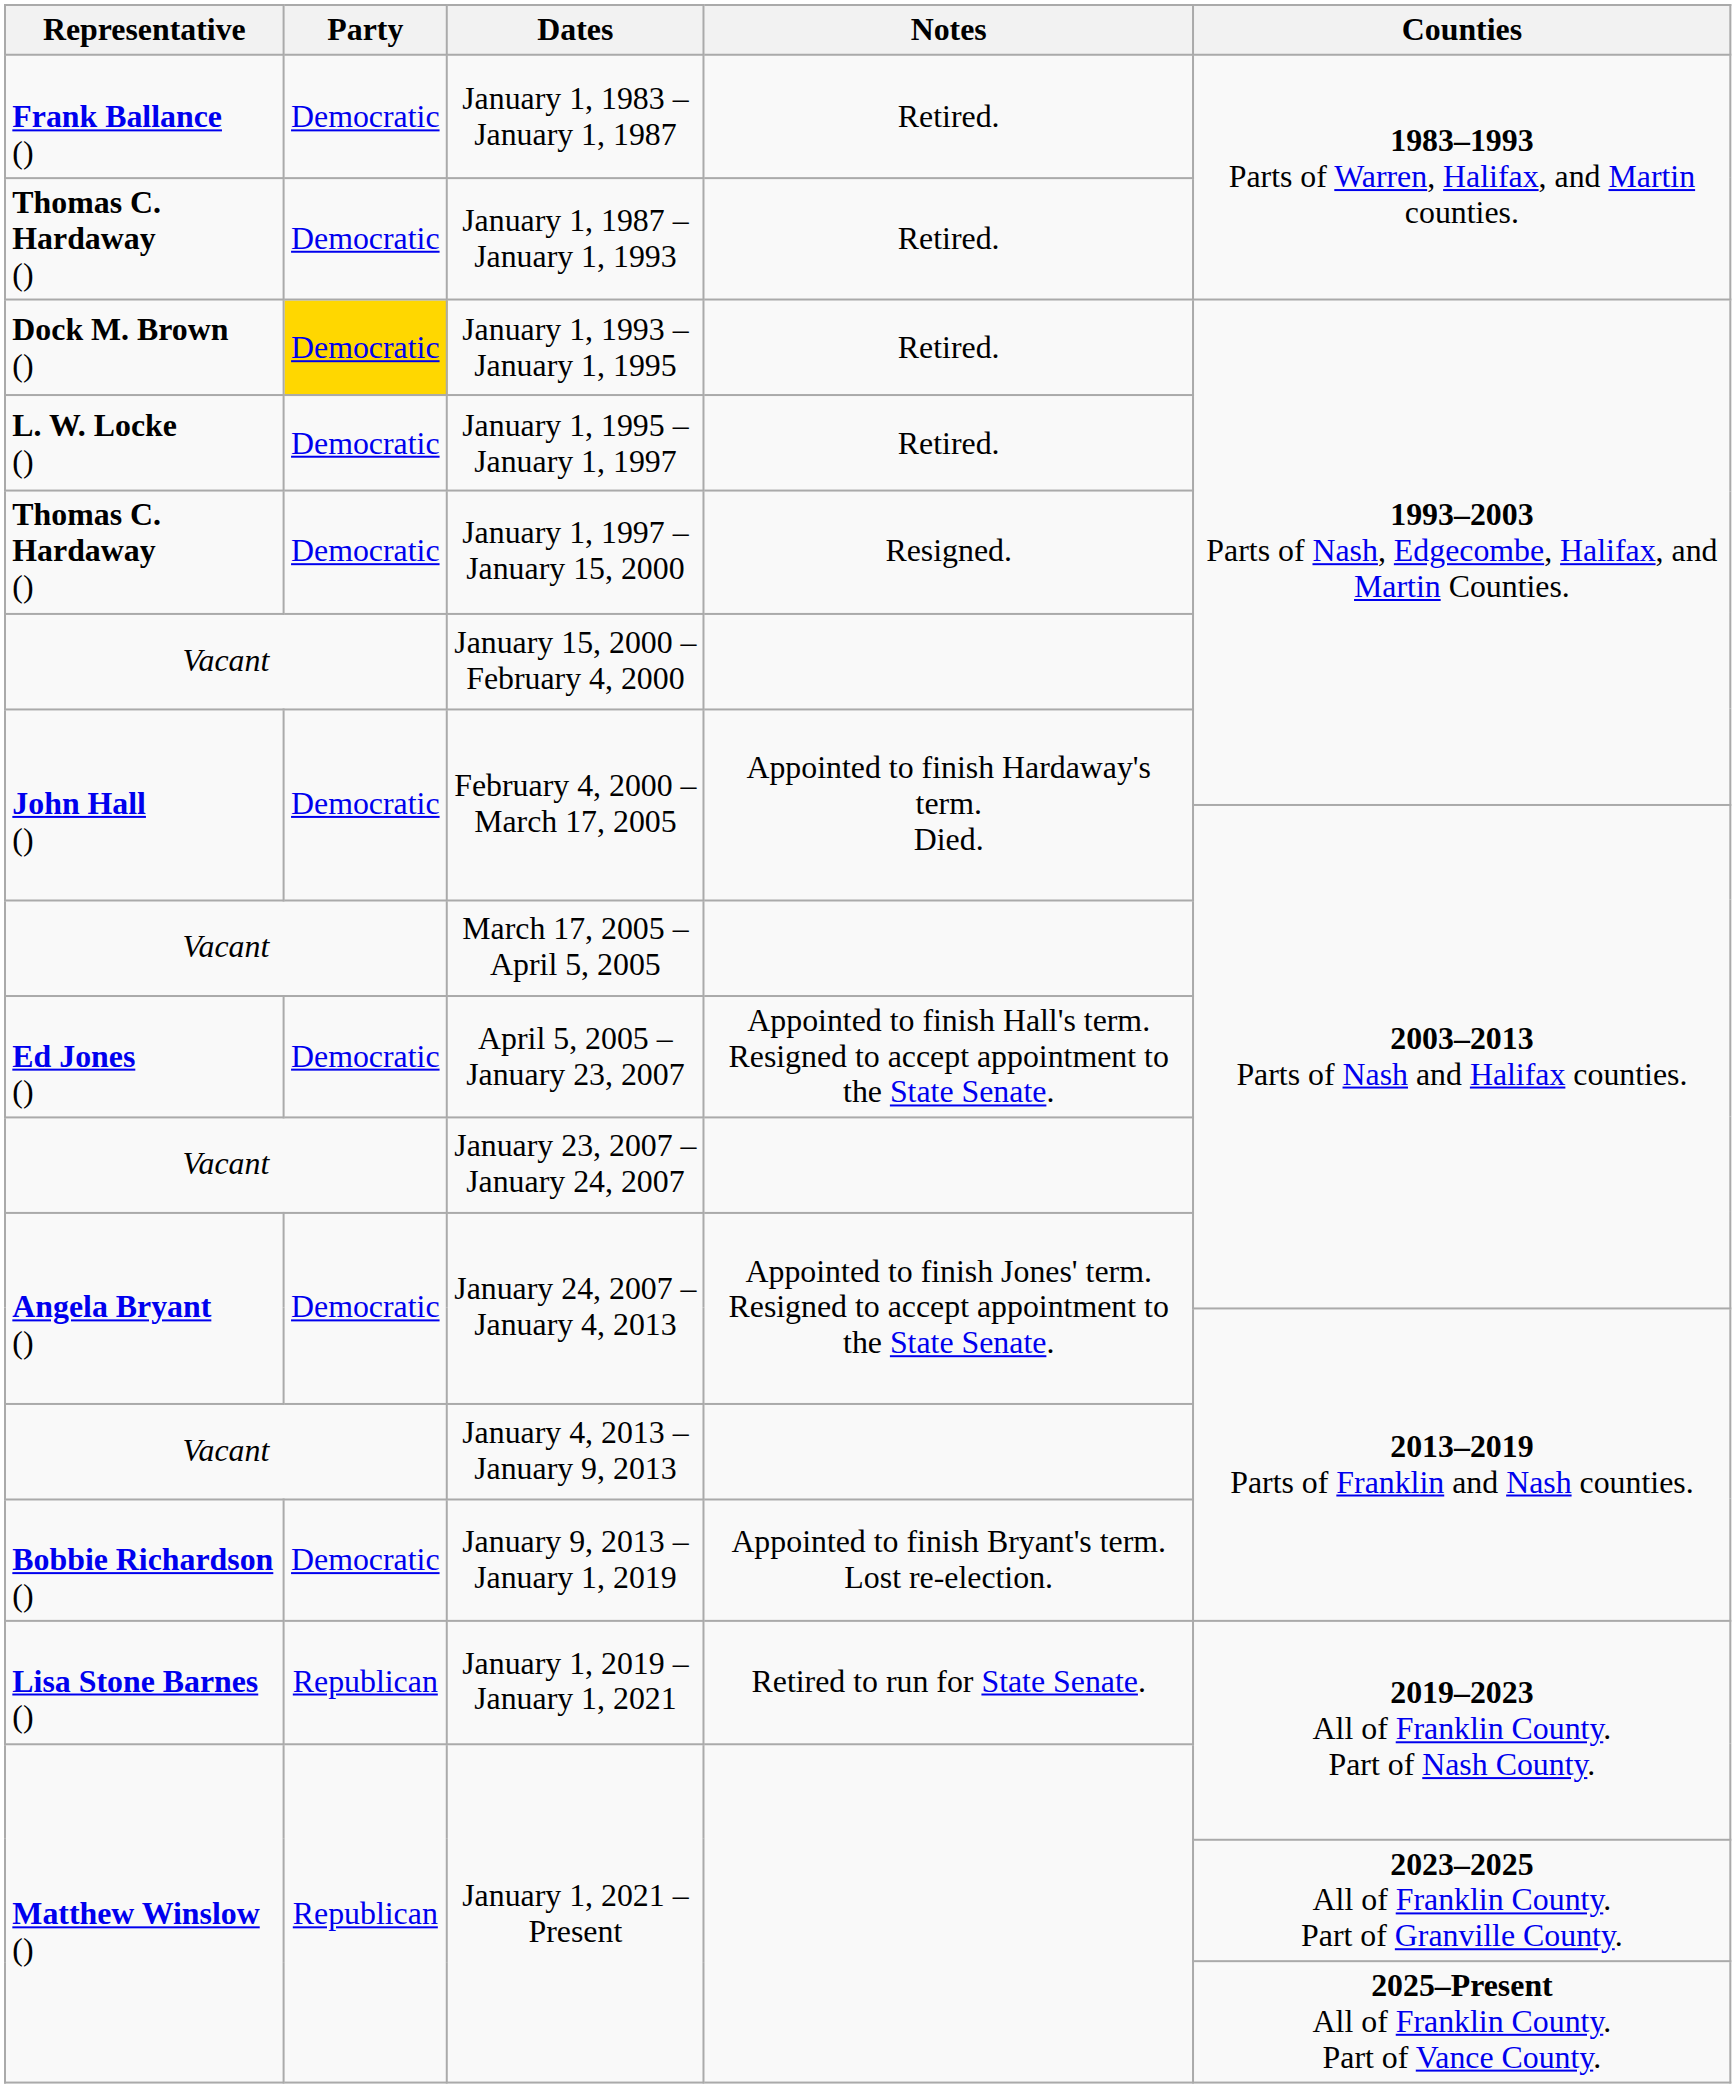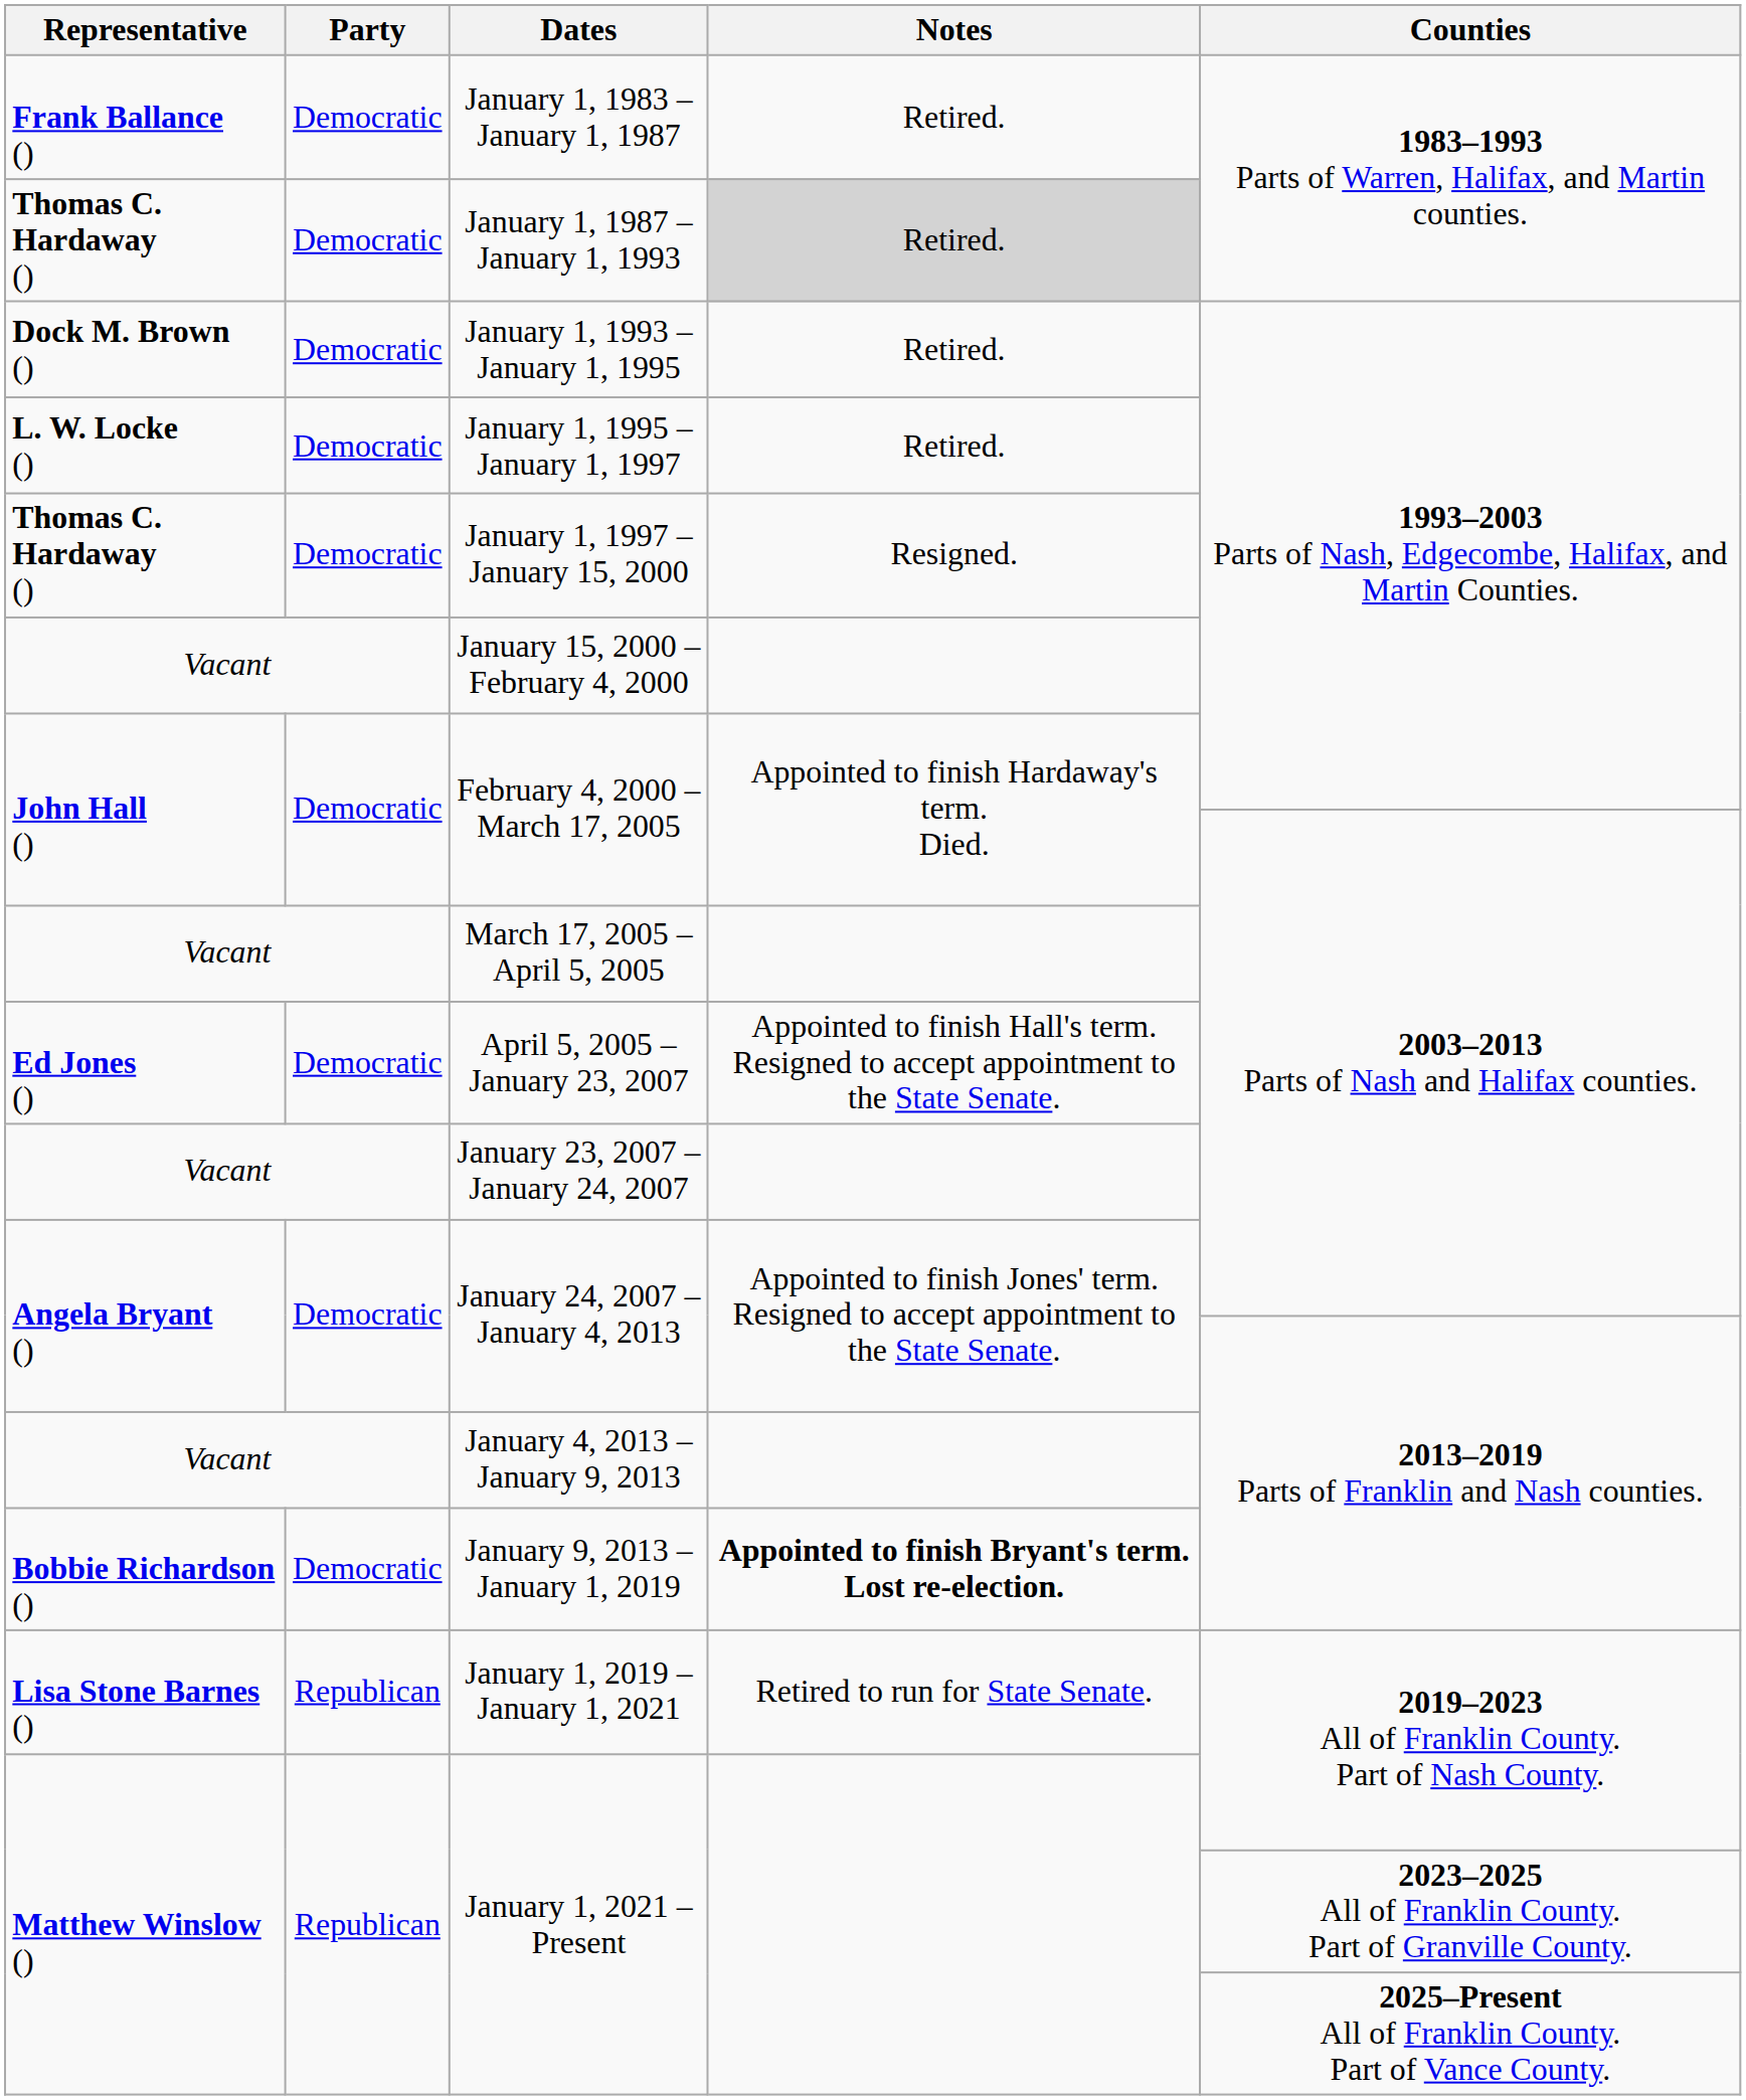 <table class=wikitable style="text-align:center">
 <tr>
 <th>Representative</th>
 <th>Party</th>
 <th>Dates</th>
 <th>Notes</th>
 <th>Counties</th>
 </tr>
 <tr style="height:3em">
 <td align=left><br><strong><a href='#'>Frank Ballance</a></strong><br>()</td>
 <td><a href='#'>Democratic</a></td>
 <td nowrap>January 1, 1983 – <br> January 1, 1987</td>
 <td>Retired.</td>
 <td rowspan=2><strong>1983–1993</strong> <br> Parts of <a href='#'>Warren</a>, <a href='#'>Halifax</a>, and <a href='#'>Martin</a> counties.</td>
 </tr>
 <tr style="height:3em">
 <td align=left><strong>Thomas C. Hardaway</strong><br>()</td>
 <td><a href='#'>Democratic</a></td>
 <td nowrap>January 1, 1987 – <br> January 1, 1993</td>
-<td>Retired.</td>
+<td style="background: lightgrey;">Retired.</td>
 </tr>
 <tr style="height:3em">
 <td align=left><strong>Dock M. Brown</strong><br>()</td>
-<td style="background: gold;"><a href='#'>Democratic</a></td>
+<td><a href='#'>Democratic</a></td>
 <td nowrap>January 1, 1993 – <br> January 1, 1995</td>
 <td>Retired.</td>
 <td rowspan=5><strong>1993–2003</strong><br> Parts of <a href='#'>Nash</a>, <a href='#'>Edgecombe</a>, <a href='#'>Halifax</a>, and <a href='#'>Martin</a> Counties.</td>
 </tr>
 <tr style="height:3em">
 <td align=left><strong>L. W. Locke</strong><br>()</td>
 <td><a href='#'>Democratic</a></td>
 <td nowrap>January 1, 1995 – <br> January 1, 1997</td>
 <td>Retired.</td>
 </tr>
 <tr style="height:3em">
 <td align=left><strong>Thomas C. Hardaway</strong><br>()</td>
 <td><a href='#'>Democratic</a></td>
 <td nowrap>January 1, 1997 – <br> January 15, 2000</td>
 <td>Resigned.</td>
 </tr>
 <tr style="height:3em">
 <td colspan=2><em>Vacant</em></td>
 <td nowrap>January 15, 2000 – <br> February 4, 2000</td>
 <td></td>
 </tr>
 <tr style="height:3em">
 <td rowspan=2 align=left><br><strong><a href='#'>John Hall</a></strong><br>()</td>
 <td rowspan=2 ><a href='#'>Democratic</a></td>
 <td rowspan=2 nowrap>February 4, 2000 – <br> March 17, 2005</td>
 <td rowspan=2>Appointed to finish Hardaway's term. <br> Died.</td>
 </tr>
 <tr style="height:3em">
 <td rowspan=5><strong>2003–2013</strong><br> Parts of <a href='#'>Nash</a> and <a href='#'>Halifax</a> counties.</td>
 </tr>
 <tr style="height:3em">
 <td colspan=2><em>Vacant</em></td>
 <td nowrap>March 17, 2005 – <br> April 5, 2005</td>
 <td></td>
 </tr>
 <tr style="height:3em">
 <td align=left><br><strong><a href='#'>Ed Jones</a></strong><br>()</td>
 <td><a href='#'>Democratic</a></td>
 <td nowrap>April 5, 2005 – <br> January 23, 2007</td>
 <td>Appointed to finish Hall's term. <br> Resigned to accept appointment to the <a href='#'>State Senate</a>.</td>
 </tr>
 <tr style="height:3em">
 <td colspan=2><em>Vacant</em></td>
 <td nowrap>January 23, 2007 – <br> January 24, 2007</td>
 <td></td>
 </tr>
 <tr style="height:3em">
 <td rowspan=2 align=left><br><strong><a href='#'>Angela Bryant</a></strong><br>()</td>
 <td rowspan=2 ><a href='#'>Democratic</a></td>
 <td rowspan=2 nowrap>January 24, 2007 – <br> January 4, 2013</td>
 <td rowspan=2>Appointed to finish Jones' term. <br> Resigned to accept appointment to the <a href='#'>State Senate</a>.</td>
 </tr>
 <tr style="height:3em">
 <td rowspan=3><strong>2013–2019</strong> <br> Parts of <a href='#'>Franklin</a> and <a href='#'>Nash</a> counties.</td>
 </tr>
 <tr style="height:3em">
 <td colspan=2><em>Vacant</em></td>
 <td nowrap>January 4, 2013 – <br> January 9, 2013</td>
 <td></td>
 </tr>
 <tr style="height:3em">
 <td align=left><br><strong><a href='#'>Bobbie Richardson</a></strong><br>()</td>
 <td><a href='#'>Democratic</a></td>
 <td nowrap>January 9, 2013 – <br> January 1, 2019</td>
-<td>Appointed to finish Bryant's term. <br> Lost re-election.</td>
+<td><strong>Appointed to finish Bryant's term. <br> Lost re-election.</strong></td>
 </tr>
 <tr style="height:3em">
 <td align=left><br><strong><a href='#'>Lisa Stone Barnes</a></strong><br>()</td>
 <td><a href='#'>Republican</a></td>
 <td nowrap>January 1, 2019 – <br> January 1, 2021</td>
 <td>Retired to run for <a href='#'>State Senate</a>.</td>
 <td rowspan=2><strong>2019–2023</strong><br> All of <a href='#'>Franklin County</a>. <br> Part of <a href='#'>Nash County</a>.</td>
 </tr>
 <tr style="height:3em">
 <td rowspan=3 align=left><br><strong><a href='#'>Matthew Winslow</a></strong><br>()</td>
 <td rowspan=3 ><a href='#'>Republican</a></td>
 <td rowspan=3 nowrap>January 1, 2021 – <br> Present</td>
 <td rowspan=3></td>
 </tr>
 <tr style="height:3em">
 <td><strong>2023–2025</strong><br> All of <a href='#'>Franklin County</a>. <br> Part of <a href='#'>Granville County</a>.</td>
 </tr>
 <tr style="height:3em">
 <td><strong>2025–Present</strong><br> All of <a href='#'>Franklin County</a>. <br> Part of <a href='#'>Vance County</a>.</td>
 </tr>
 </table>
